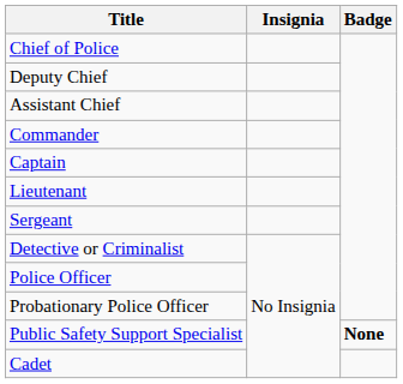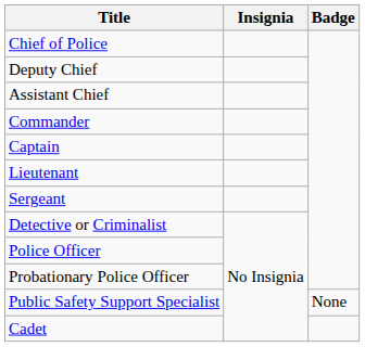 <table class="wikitable">
 <tr>
 <th>Title</th>
 <th>Insignia</th>
 <th>Badge</th>
 </tr>
 <tr>
 <td><a href='#'>Chief of Police</a></td>
 <td></td>
 <td rowspan="10"></td>
 </tr>
 <tr>
 <td>Deputy Chief</td>
 <td></td>
 </tr>
 <tr>
 <td>Assistant Chief</td>
 <td></td>
 </tr>
 <tr>
 <td><a href='#'>Commander</a></td>
 <td></td>
 </tr>
 <tr>
 <td><a href='#'>Captain</a></td>
 <td></td>
 </tr>
 <tr>
 <td><a href='#'>Lieutenant</a></td>
 <td></td>
 </tr>
 <tr>
 <td><a href='#'>Sergeant</a></td>
 <td></td>
 </tr>
 <tr>
 <td><a href='#'>Detective</a> or <a href='#'>Criminalist</a></td>
 <td rowspan="5">No Insignia</td>
 </tr>
 <tr>
 <td><a href='#'>Police Officer</a></td>
 </tr>
 <tr>
 <td>Probationary Police Officer</td>
 </tr>
 <tr>
 <td><a href='#'>Public Safety Support Specialist</a></td>
-<td><strong>None</strong></td>
+<td>None</td>
 </tr>
 <tr>
 <td><a href='#'>Cadet</a></td>
 <td></td>
 </tr>
 </table>
